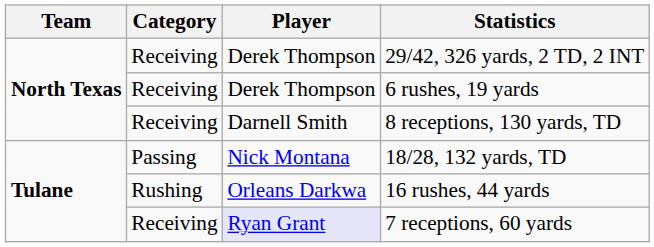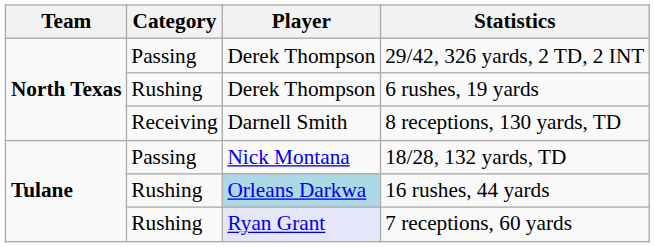 <table class="wikitable" style="float: right;">
 <tr>
 <th>Team</th>
 <th>Category</th>
 <th>Player</th>
 <th>Statistics</th>
 </tr>
 <tr>
 <td rowspan=3><strong>North Texas</strong></td>
-<td>Receiving</td>
+<td>Passing</td>
 <td>Derek Thompson</td>
 <td>29/42, 326 yards, 2 TD, 2 INT</td>
 </tr>
 <tr>
-<td>Receiving</td>
+<td>Rushing</td>
 <td>Derek Thompson</td>
 <td>6 rushes, 19 yards</td>
 </tr>
 <tr>
 <td>Receiving</td>
 <td>Darnell Smith</td>
 <td>8 receptions, 130 yards, TD</td>
 </tr>
 <tr>
 <td rowspan=3><strong>Tulane</strong></td>
 <td>Passing</td>
 <td><a href='#'>Nick Montana</a></td>
 <td>18/28, 132 yards, TD</td>
 </tr>
 <tr>
 <td>Rushing</td>
-<td><a href='#'>Orleans Darkwa</a></td>
+<td style="background: lightblue;"><a href='#'>Orleans Darkwa</a></td>
 <td>16 rushes, 44 yards</td>
 </tr>
 <tr>
-<td>Receiving</td>
+<td>Rushing</td>
 <td style="background: lavender;"><a href='#'>Ryan Grant</a></td>
 <td>7 receptions, 60 yards</td>
 </tr>
 </table>
